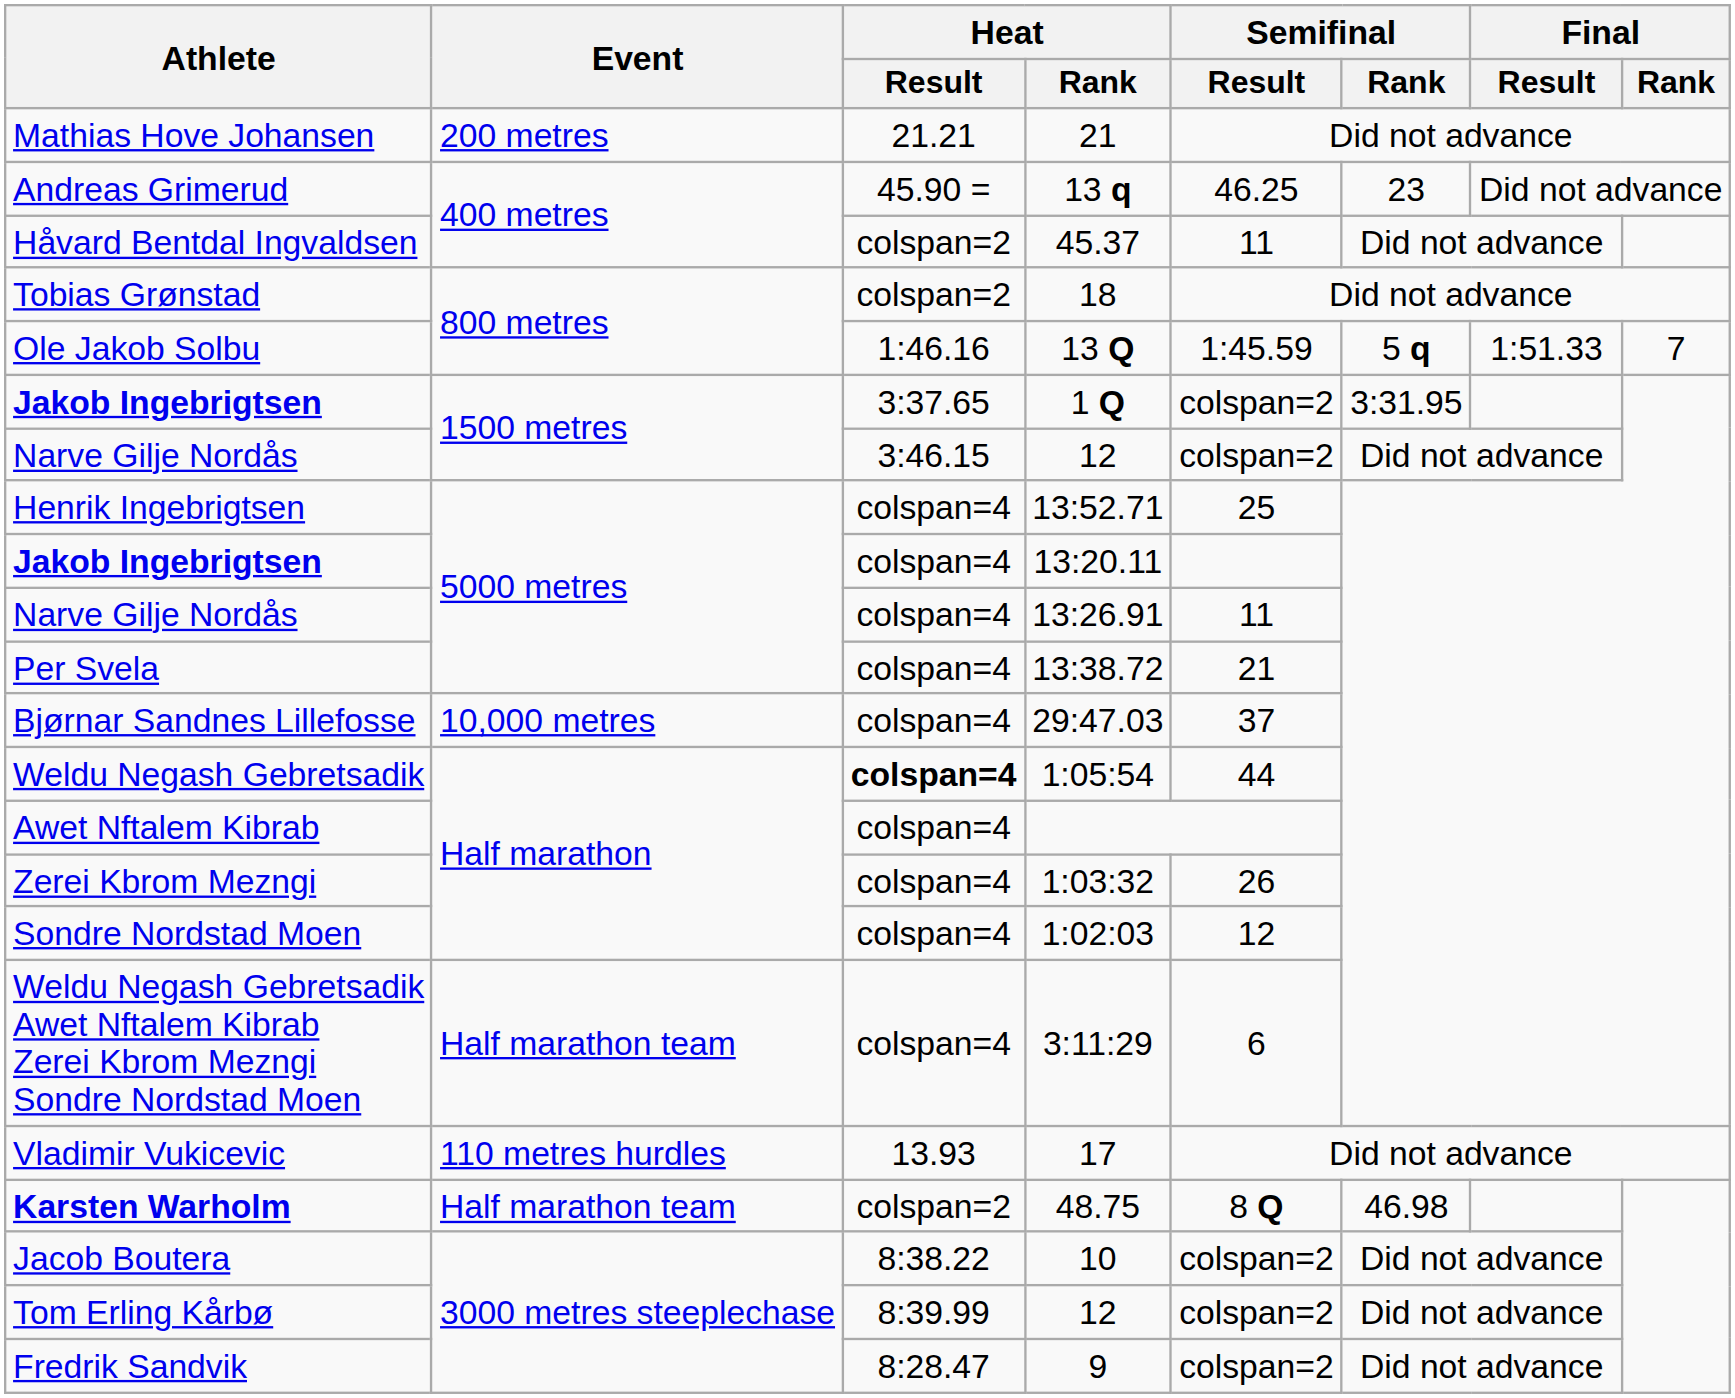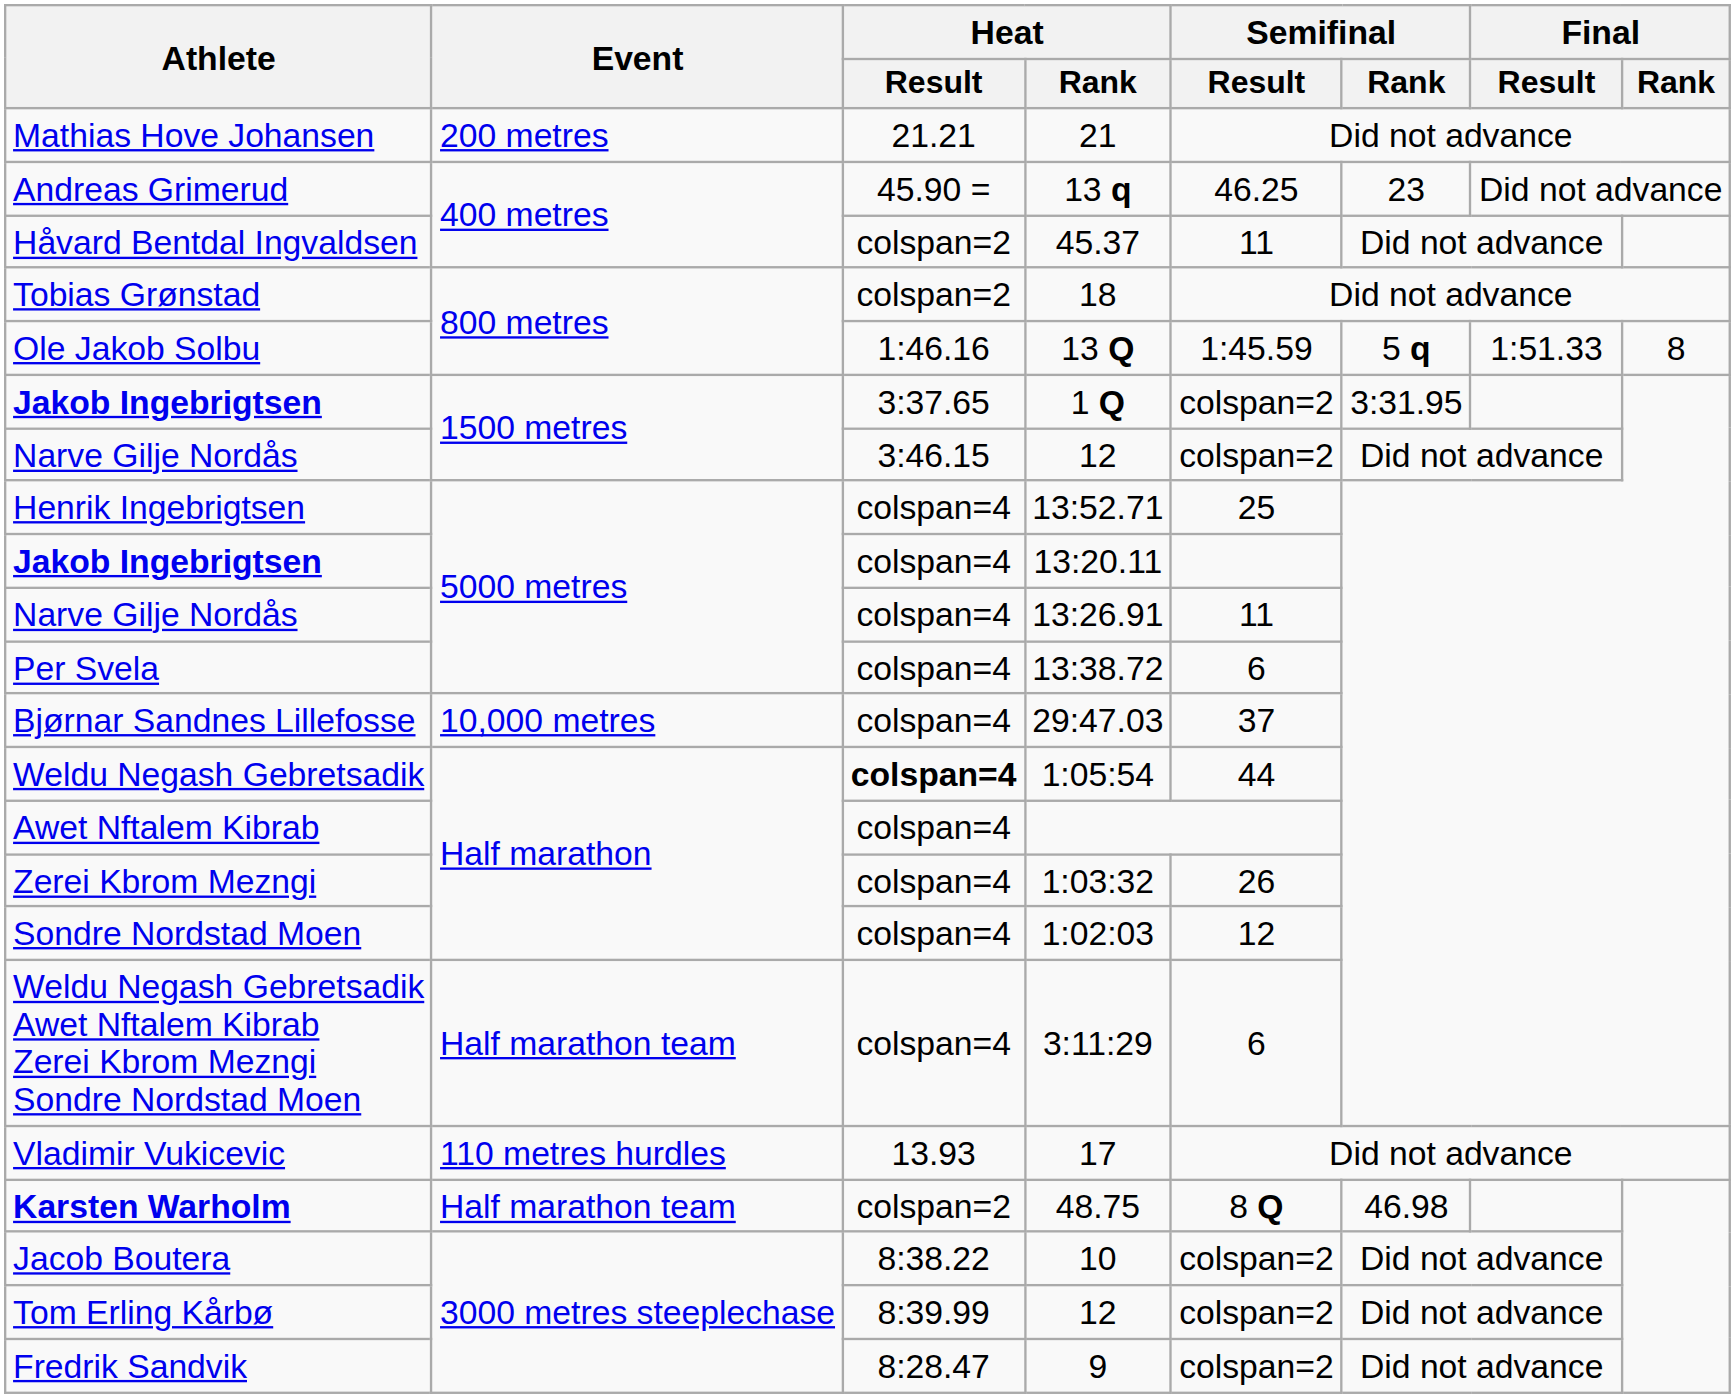 <table class=wikitable style=font-size:90%>
 <tr>
 <th rowspan=2>Athlete</th>
 <th rowspan=2>Event</th>
 <th colspan=2>Heat</th>
 <th colspan=2>Semifinal</th>
 <th colspan=2>Final</th>
 </tr>
 <tr style=font-size:95%>
 <th>Result</th>
 <th>Rank</th>
 <th>Result</th>
 <th>Rank</th>
 <th>Result</th>
 <th>Rank</th>
 </tr>
 <tr align=center>
 <td align=left><a href='#'>Mathias Hove Johansen</a></td>
 <td align=left><a href='#'>200 metres</a></td>
 <td>21.21</td>
 <td>21</td>
 <td colspan=4>Did not advance</td>
 </tr>
 <tr align=center>
 <td align=left><a href='#'>Andreas Grimerud</a></td>
 <td align=left rowspan=2><a href='#'>400 metres</a></td>
 <td>45.90 =</td>
 <td>13 <strong>q</strong></td>
 <td>46.25</td>
 <td>23</td>
 <td colspan=2>Did not advance</td>
 </tr>
 <tr align=center>
 <td align=left><a href='#'>Håvard Bentdal Ingvaldsen</a></td>
 <td>colspan=2</td>
 <td>45.37 </td>
 <td>11</td>
 <td colspan=2>Did not advance</td>
 </tr>
 <tr align=center>
 <td align=left><a href='#'>Tobias Grønstad</a></td>
 <td align=left rowspan=2><a href='#'>800 metres</a></td>
 <td>colspan=2</td>
 <td>18</td>
 <td colspan=4>Did not advance</td>
 </tr>
 <tr align=center>
 <td align=left><a href='#'>Ole Jakob Solbu</a></td>
 <td>1:46.16</td>
 <td>13 <strong>Q</strong></td>
 <td>1:45.59</td>
 <td>5 <strong>q</strong></td>
 <td>1:51.33</td>
-<td>7</td>
+<td>8</td>
 </tr>
 <tr align=center>
 <td align=left><strong><a href='#'>Jakob Ingebrigtsen</a></strong></td>
 <td align=left rowspan=2><a href='#'>1500 metres</a></td>
 <td>3:37.65</td>
 <td>1 <strong>Q</strong></td>
 <td>colspan=2</td>
 <td>3:31.95 </td>
 <td></td>
 </tr>
 <tr align=center>
 <td align=left><a href='#'>Narve Gilje Nordås</a></td>
 <td>3:46.15</td>
 <td>12</td>
 <td>colspan=2</td>
 <td colspan=2>Did not advance</td>
 </tr>
 <tr align=center>
 <td align=left><a href='#'>Henrik Ingebrigtsen</a></td>
 <td align=left rowspan=4><a href='#'>5000 metres</a></td>
 <td>colspan=4</td>
 <td>13:52.71</td>
 <td>25</td>
 </tr>
 <tr align=center>
 <td align=left><strong><a href='#'>Jakob Ingebrigtsen</a></strong></td>
 <td>colspan=4</td>
 <td>13:20.11 </td>
 <td></td>
 </tr>
 <tr align=center>
 <td align=left><a href='#'>Narve Gilje Nordås</a></td>
 <td>colspan=4</td>
 <td>13:26.91 </td>
 <td>11</td>
 </tr>
 <tr align=center>
 <td align=left><a href='#'>Per Svela</a></td>
 <td>colspan=4</td>
 <td>13:38.72</td>
-<td>21</td>
+<td>6</td>
 </tr>
 <tr align=center>
 <td align=left><a href='#'>Bjørnar Sandnes Lillefosse</a></td>
 <td align=left><a href='#'>10,000 metres</a></td>
 <td>colspan=4</td>
 <td>29:47.03 </td>
 <td>37</td>
 </tr>
 <tr align=center>
 <td align=left><a href='#'>Weldu Negash Gebretsadik</a></td>
 <td align=left rowspan=4><a href='#'>Half marathon</a></td>
 <td><strong>colspan=4</strong></td>
 <td>1:05:54 </td>
 <td>44</td>
 </tr>
 <tr align=center>
 <td align=left><a href='#'>Awet Nftalem Kibrab</a></td>
 <td>colspan=4</td>
 <td colspan=2></td>
 </tr>
 <tr align=center>
 <td align=left><a href='#'>Zerei Kbrom Mezngi</a></td>
 <td>colspan=4</td>
 <td>1:03:32</td>
 <td>26</td>
 </tr>
 <tr align=center>
 <td align=left><a href='#'>Sondre Nordstad Moen</a></td>
 <td>colspan=4</td>
 <td>1:02:03</td>
 <td>12</td>
 </tr>
 <tr align=center>
 <td align=left><a href='#'>Weldu Negash Gebretsadik</a><br><a href='#'>Awet Nftalem Kibrab</a><br><a href='#'>Zerei Kbrom Mezngi</a><br><a href='#'>Sondre Nordstad Moen</a></td>
 <td align=left><a href='#'>Half marathon team</a></td>
 <td>colspan=4</td>
 <td>3:11:29</td>
 <td>6</td>
 </tr>
 <tr align=center>
 <td align=left><a href='#'>Vladimir Vukicevic</a></td>
 <td align=left><a href='#'>110 metres hurdles</a></td>
 <td>13.93</td>
 <td>17</td>
 <td colspan=4>Did not advance</td>
 </tr>
 <tr align=center>
 <td align=left><strong><a href='#'>Karsten Warholm</a></strong></td>
 <td align=left><a href='#'>Half marathon team</a></td>
 <td>colspan=2</td>
 <td>48.75</td>
 <td>8 <strong>Q</strong></td>
 <td>46.98 </td>
 <td></td>
 </tr>
 <tr align=center>
 <td align=left><a href='#'>Jacob Boutera</a></td>
 <td align=left rowspan=3><a href='#'>3000 metres steeplechase</a></td>
 <td>8:38.22</td>
 <td>10</td>
 <td>colspan=2</td>
 <td colspan=2>Did not advance</td>
 </tr>
 <tr align=center>
 <td align=left><a href='#'>Tom Erling Kårbø</a></td>
 <td>8:39.99</td>
 <td>12</td>
 <td>colspan=2</td>
 <td colspan=2>Did not advance</td>
 </tr>
 <tr align=center>
 <td align=left><a href='#'>Fredrik Sandvik</a></td>
 <td>8:28.47 </td>
 <td>9</td>
 <td>colspan=2</td>
 <td colspan=2>Did not advance</td>
 </tr>
 </table>
